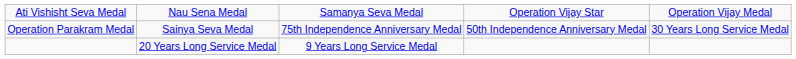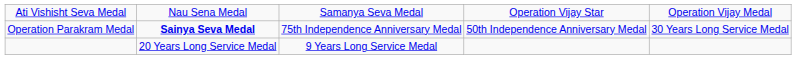 <table class="wikitable" style="margin:1em auto; text-align:center;">
 <tr>
 <td><a href='#'>Ati Vishisht Seva Medal</a></td>
 <td><a href='#'>Nau Sena Medal</a></td>
 <td><a href='#'>Samanya Seva Medal</a></td>
 <td><a href='#'>Operation Vijay Star</a></td>
 <td><a href='#'>Operation Vijay Medal</a></td>
 </tr>
 <tr>
 <td><a href='#'>Operation Parakram Medal</a></td>
-<td><a href='#'>Sainya Seva Medal</a></td>
+<td><strong><a href='#'>Sainya Seva Medal</a></strong></td>
 <td><a href='#'>75th Independence Anniversary Medal</a></td>
 <td><a href='#'>50th Independence Anniversary Medal</a></td>
 <td><a href='#'>30 Years Long Service Medal</a></td>
 </tr>
 <tr>
 <td></td>
 <td><a href='#'>20 Years Long Service Medal</a></td>
 <td><a href='#'>9 Years Long Service Medal</a></td>
 <td></td>
 </tr>
 </table>
